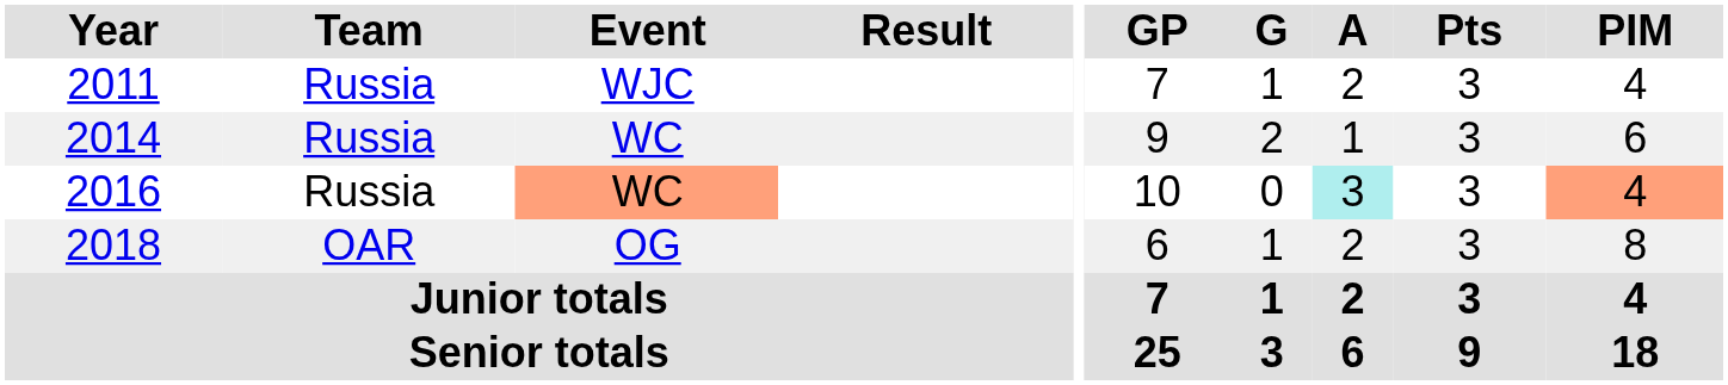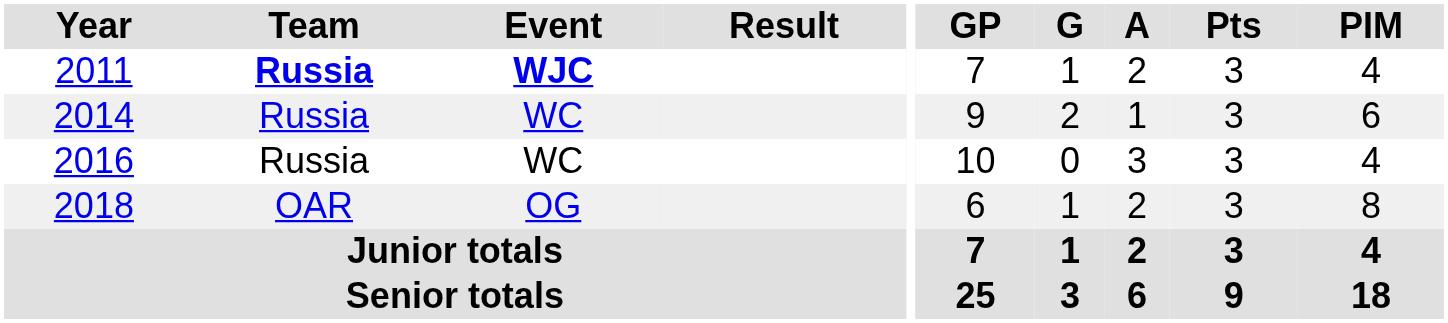 <table border="0" cellpadding="1" cellspacing="0" ID="Table3" style="text-align:center; width:40em">
 <tr ALIGN="center" bgcolor="#e0e0e0">
 <th>Year</th>
 <th>Team</th>
 <th>Event</th>
 <th>Result</th>
 <th rowspan="99" bgcolor="#ffffff"></th>
 <th>GP</th>
 <th>G</th>
 <th>A</th>
 <th>Pts</th>
 <th>PIM</th>
 </tr>
 <tr>
 <td><a href='#'>2011</a></td>
-<td><a href='#'>Russia</a></td>
-<td><a href='#'>WJC</a></td>
+<td><strong><a href='#'>Russia</a></strong></td>
+<td><strong><a href='#'>WJC</a></strong></td>
 <td></td>
 <td>7</td>
 <td>1</td>
 <td>2</td>
 <td>3</td>
 <td>4</td>
 </tr>
 <tr bgcolor="#f0f0f0">
 <td><a href='#'>2014</a></td>
 <td><a href='#'>Russia</a></td>
 <td><a href='#'>WC</a></td>
 <td></td>
 <td>9</td>
 <td>2</td>
 <td>1</td>
 <td>3</td>
 <td>6</td>
 </tr>
 <tr>
 <td><a href='#'>2016</a></td>
 <td>Russia</td>
-<td style="background: lightsalmon;">WC</td>
+<td>WC</td>
 <td></td>
 <td>10</td>
 <td>0</td>
-<td style="background: paleturquoise;">3</td>
 <td>3</td>
-<td style="background: lightsalmon;">4</td>
+<td>3</td>
+<td>4</td>
 </tr>
 <tr bgcolor="#f0f0f0">
 <td><a href='#'>2018</a></td>
 <td><a href='#'>OAR</a></td>
 <td><a href='#'>OG</a></td>
 <td></td>
 <td>6</td>
 <td>1</td>
 <td>2</td>
 <td>3</td>
 <td>8</td>
 </tr>
 <tr bgcolor="#e0e0e0">
 <th colspan="4">Junior totals</th>
 <th>7</th>
 <th>1</th>
 <th>2</th>
 <th>3</th>
 <th>4</th>
 </tr>
 <tr bgcolor="#e0e0e0">
 <th colspan="4">Senior totals</th>
 <th>25</th>
 <th>3</th>
 <th>6</th>
 <th>9</th>
 <th>18</th>
 </tr>
 </table>
